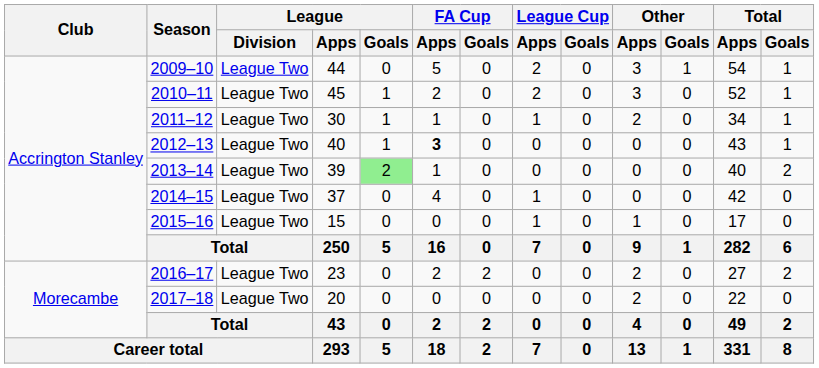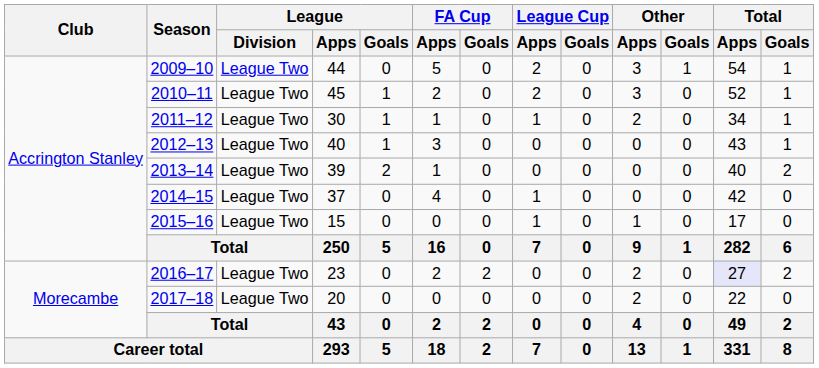 <table class=wikitable style="text-align: center">
 <tr>
 <th rowspan=2>Club</th>
 <th rowspan=2>Season</th>
 <th colspan=3>League</th>
 <th colspan=2><a href='#'>FA Cup</a></th>
 <th colspan=2><a href='#'>League Cup</a></th>
 <th colspan=2>Other</th>
 <th colspan=2>Total</th>
 </tr>
 <tr>
 <th>Division</th>
 <th>Apps</th>
 <th>Goals</th>
 <th>Apps</th>
 <th>Goals</th>
 <th>Apps</th>
 <th>Goals</th>
 <th>Apps</th>
 <th>Goals</th>
 <th>Apps</th>
 <th>Goals</th>
 </tr>
 <tr>
 <td rowspan=8><a href='#'>Accrington Stanley</a></td>
 <td><a href='#'>2009–10</a></td>
 <td><a href='#'>League Two</a></td>
 <td>44</td>
 <td>0</td>
 <td>5</td>
 <td>0</td>
 <td>2</td>
 <td>0</td>
 <td>3</td>
 <td>1</td>
 <td>54</td>
 <td>1</td>
 </tr>
 <tr>
 <td><a href='#'>2010–11</a></td>
 <td>League Two</td>
 <td>45</td>
 <td>1</td>
 <td>2</td>
 <td>0</td>
 <td>2</td>
 <td>0</td>
 <td>3</td>
 <td>0</td>
 <td>52</td>
 <td>1</td>
 </tr>
 <tr>
 <td><a href='#'>2011–12</a></td>
 <td>League Two</td>
 <td>30</td>
 <td>1</td>
 <td>1</td>
 <td>0</td>
 <td>1</td>
 <td>0</td>
 <td>2</td>
 <td>0</td>
 <td>34</td>
 <td>1</td>
 </tr>
 <tr>
 <td><a href='#'>2012–13</a></td>
 <td>League Two</td>
 <td>40</td>
 <td>1</td>
-<td><strong>3</strong></td>
+<td>3</td>
 <td>0</td>
 <td>0</td>
 <td>0</td>
 <td>0</td>
 <td>0</td>
 <td>43</td>
 <td>1</td>
 </tr>
 <tr>
 <td><a href='#'>2013–14</a></td>
 <td>League Two</td>
 <td>39</td>
-<td style="background: lightgreen;">2</td>
+<td>2</td>
 <td>1</td>
 <td>0</td>
 <td>0</td>
 <td>0</td>
 <td>0</td>
 <td>0</td>
 <td>40</td>
 <td>2</td>
 </tr>
 <tr>
 <td><a href='#'>2014–15</a></td>
 <td>League Two</td>
 <td>37</td>
 <td>0</td>
 <td>4</td>
 <td>0</td>
 <td>1</td>
 <td>0</td>
 <td>0</td>
 <td>0</td>
 <td>42</td>
 <td>0</td>
 </tr>
 <tr>
 <td><a href='#'>2015–16</a></td>
 <td>League Two</td>
 <td>15</td>
 <td>0</td>
 <td>0</td>
 <td>0</td>
 <td>1</td>
 <td>0</td>
 <td>1</td>
 <td>0</td>
 <td>17</td>
 <td>0</td>
 </tr>
 <tr>
 <th colspan=2>Total</th>
 <th>250</th>
 <th>5</th>
 <th>16</th>
 <th>0</th>
 <th>7</th>
 <th>0</th>
 <th>9</th>
 <th>1</th>
 <th>282</th>
 <th>6</th>
 </tr>
 <tr>
 <td rowspan=3><a href='#'>Morecambe</a></td>
 <td><a href='#'>2016–17</a></td>
 <td>League Two</td>
 <td>23</td>
 <td>0</td>
 <td>2</td>
 <td>2</td>
 <td>0</td>
 <td>0</td>
 <td>2</td>
 <td>0</td>
-<td>27</td>
+<td style="background: lavender;">27</td>
 <td>2</td>
 </tr>
 <tr>
 <td><a href='#'>2017–18</a></td>
 <td>League Two</td>
 <td>20</td>
 <td>0</td>
 <td>0</td>
 <td>0</td>
 <td>0</td>
 <td>0</td>
 <td>2</td>
 <td>0</td>
 <td>22</td>
 <td>0</td>
 </tr>
 <tr>
 <th colspan=2>Total</th>
 <th>43</th>
 <th>0</th>
 <th>2</th>
 <th>2</th>
 <th>0</th>
 <th>0</th>
 <th>4</th>
 <th>0</th>
 <th>49</th>
 <th>2</th>
 </tr>
 <tr>
 <th colspan=3>Career total</th>
 <th>293</th>
 <th>5</th>
 <th>18</th>
 <th>2</th>
 <th>7</th>
 <th>0</th>
 <th>13</th>
 <th>1</th>
 <th>331</th>
 <th>8</th>
 </tr>
 </table>
